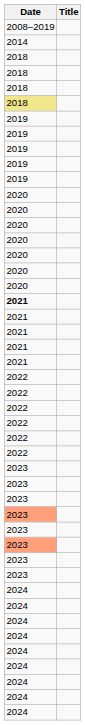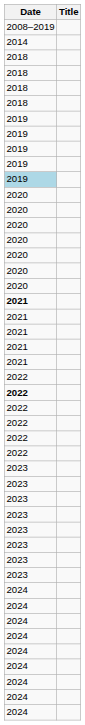 <table class="wikitable">
 <tr>
 <th>Date</th>
 <th>Title</th>
 </tr>
 <tr>
 <td>2008–2019</td>
 <td></td>
 </tr>
 <tr>
 <td>2014</td>
 <td></td>
 </tr>
 <tr>
 <td>2018</td>
 <td></td>
 </tr>
 <tr>
 <td>2018</td>
 <td></td>
 </tr>
 <tr>
 <td>2018</td>
 <td></td>
 </tr>
 <tr>
-<td style="background: khaki;">2018</td>
+<td>2018</td>
 <td></td>
 </tr>
 <tr>
 <td>2019</td>
 <td></td>
 </tr>
 <tr>
 <td>2019</td>
 <td></td>
 </tr>
 <tr>
 <td>2019</td>
 <td></td>
 </tr>
 <tr>
 <td>2019</td>
 <td></td>
 </tr>
 <tr>
-<td>2019</td>
+<td style="background: lightblue;">2019</td>
 <td></td>
 </tr>
 <tr>
 <td>2020</td>
 <td></td>
 </tr>
 <tr>
 <td>2020</td>
 <td></td>
 </tr>
 <tr>
 <td>2020</td>
 <td></td>
 </tr>
 <tr>
 <td>2020</td>
 <td></td>
 </tr>
 <tr>
 <td>2020</td>
 <td></td>
 </tr>
 <tr>
 <td>2020</td>
 <td></td>
 </tr>
 <tr>
 <td>2020</td>
 <td></td>
 </tr>
 <tr>
 <td><strong>2021</strong></td>
 <td></td>
 </tr>
 <tr>
 <td>2021</td>
 <td></td>
 </tr>
 <tr>
 <td>2021</td>
 <td></td>
 </tr>
 <tr>
 <td>2021</td>
 <td></td>
 </tr>
 <tr>
 <td>2021</td>
 <td></td>
 </tr>
 <tr>
 <td>2022</td>
 <td></td>
 </tr>
 <tr>
-<td>2022</td>
+<td><strong>2022</strong></td>
 <td></td>
 </tr>
 <tr>
 <td>2022</td>
 <td></td>
 </tr>
 <tr>
 <td>2022</td>
 <td></td>
 </tr>
 <tr>
 <td>2022</td>
 <td></td>
 </tr>
 <tr>
 <td>2022</td>
 <td></td>
 </tr>
 <tr>
 <td>2023</td>
 <td></td>
 </tr>
 <tr>
 <td>2023</td>
 <td></td>
 </tr>
 <tr>
 <td>2023</td>
 <td></td>
 </tr>
 <tr>
-<td style="background: lightsalmon;">2023</td>
+<td>2023</td>
 <td></td>
 </tr>
 <tr>
 <td>2023</td>
 <td></td>
 </tr>
 <tr>
-<td style="background: lightsalmon;">2023</td>
+<td>2023</td>
 <td></td>
 </tr>
 <tr>
 <td>2023</td>
 <td></td>
 </tr>
 <tr>
 <td>2023</td>
 <td></td>
 </tr>
 <tr>
 <td>2024</td>
 <td></td>
 </tr>
 <tr>
 <td>2024</td>
 <td></td>
 </tr>
 <tr>
 <td>2024</td>
 <td></td>
 </tr>
 <tr>
 <td>2024</td>
 <td></td>
 </tr>
 <tr>
 <td>2024</td>
 <td></td>
 </tr>
 <tr>
 <td>2024</td>
 <td></td>
 </tr>
 <tr>
 <td>2024</td>
 <td></td>
 </tr>
 <tr>
 <td>2024</td>
 <td></td>
 </tr>
 <tr>
 <td>2024</td>
 <td></td>
 </tr>
 </table>
